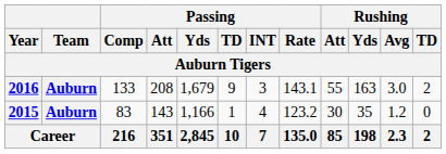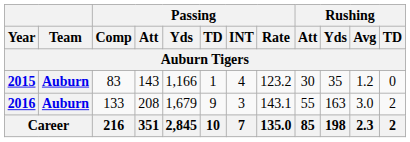 <table class="wikitable" style="text-align:center;">
 <tr>
 <th colspan="2"></th>
 <th colspan="6">Passing</th>
 <th colspan="4">Rushing</th>
 </tr>
 <tr>
 <th>Year</th>
 <th>Team</th>
 <th>Comp</th>
 <th>Att</th>
 <th>Yds</th>
 <th>TD</th>
 <th>INT</th>
 <th>Rate</th>
 <th>Att</th>
 <th>Yds</th>
 <th>Avg</th>
 <th>TD</th>
 </tr>
 <tr>
 <th colspan="12">Auburn Tigers</th>
 </tr>
 <tr>
+<th><a href='#'>2015</a></th>
+<th><a href='#'>Auburn</a></th>
+<td>83</td>
+<td>143</td>
+<td>1,166</td>
+<td>1</td>
+<td>4</td>
+<td>123.2</td>
+<td>30</td>
+<td>35</td>
+<td>1.2</td>
+<td>0</td>
+</tr>
+<tr>
 <th><a href='#'>2016</a></th>
 <th><a href='#'>Auburn</a></th>
 <td>133</td>
 <td>208</td>
 <td>1,679</td>
 <td>9</td>
 <td>3</td>
 <td>143.1</td>
 <td>55</td>
 <td>163</td>
 <td>3.0</td>
 <td>2</td>
-</tr>
-<tr>
-<th><a href='#'>2015</a></th>
-<th><a href='#'>Auburn</a></th>
-<td>83</td>
-<td>143</td>
-<td>1,166</td>
-<td>1</td>
-<td>4</td>
-<td>123.2</td>
-<td>30</td>
-<td>35</td>
-<td>1.2</td>
-<td>0</td>
 </tr>
 <tr style="background:#eee;">
 <th colspan=2><strong>Career</strong></th>
 <th>216</th>
 <th>351</th>
 <th>2,845</th>
 <th>10</th>
 <th>7</th>
 <th>135.0</th>
 <th>85</th>
 <th>198</th>
 <th>2.3</th>
 <th>2</th>
 </tr>
 </table>
